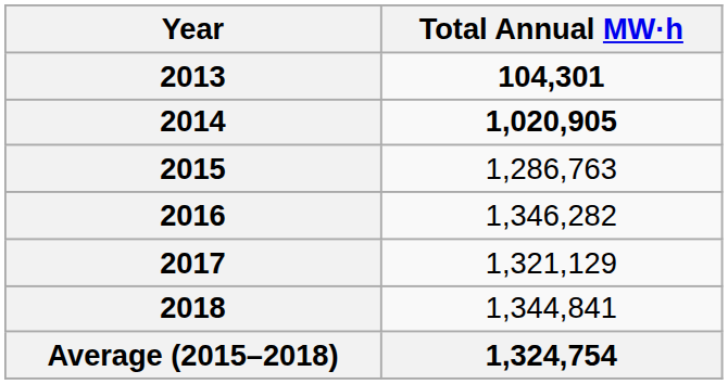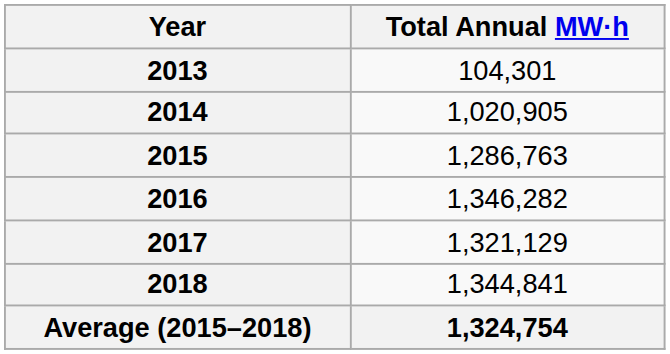 <table class=wikitable style="text-align:center; font-size:0.9em; width:350px;">
 <tr>
 <th>Year</th>
 <th>Total Annual <a href='#'>MW·h</a></th>
 </tr>
 <tr>
 <th>2013</th>
-<td><strong>104,301</strong></td>
+<td>104,301</td>
 </tr>
 <tr>
 <th>2014</th>
-<td><strong>1,020,905</strong></td>
+<td>1,020,905</td>
 </tr>
 <tr>
 <th>2015</th>
 <td>1,286,763</td>
 </tr>
 <tr>
 <th>2016</th>
 <td>1,346,282</td>
 </tr>
 <tr>
 <th>2017</th>
 <td>1,321,129</td>
 </tr>
 <tr>
 <th>2018</th>
 <td>1,344,841</td>
 </tr>
 <tr>
 <th>Average (2015–2018)</th>
 <th>1,324,754</th>
 </tr>
 </table>
